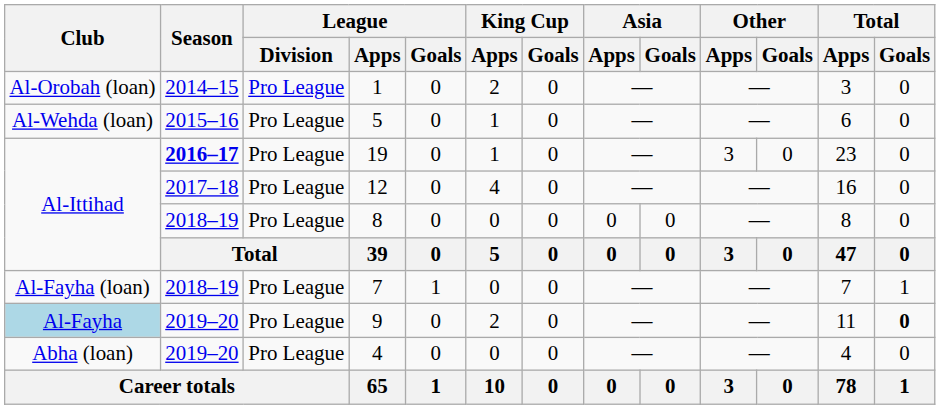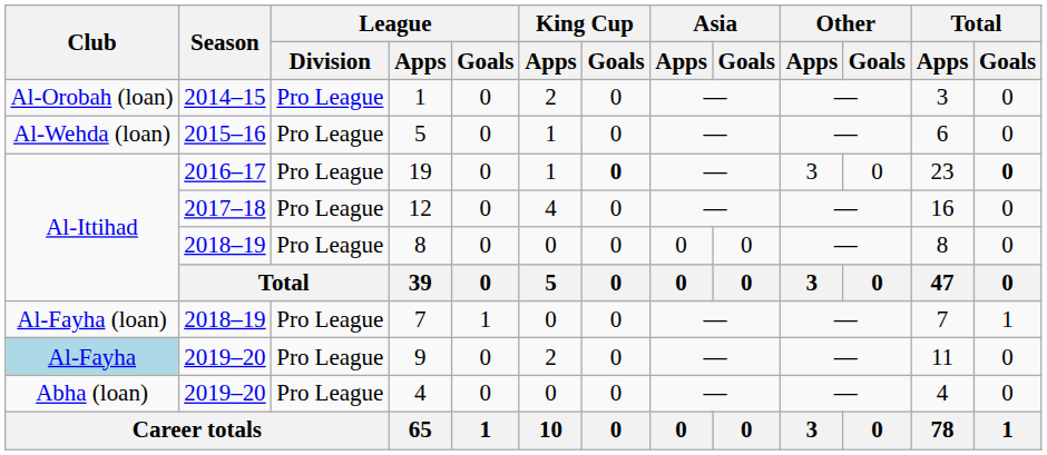 <table class="wikitable" style="text-align: center">
 <tr>
 <th rowspan=2>Club</th>
 <th rowspan=2>Season</th>
 <th colspan=3>League</th>
 <th colspan=2>King Cup</th>
 <th colspan=2>Asia</th>
 <th colspan=2>Other</th>
 <th colspan=2>Total</th>
 </tr>
 <tr>
 <th>Division</th>
 <th>Apps</th>
 <th>Goals</th>
 <th>Apps</th>
 <th>Goals</th>
 <th>Apps</th>
 <th>Goals</th>
 <th>Apps</th>
 <th>Goals</th>
 <th>Apps</th>
 <th>Goals</th>
 </tr>
 <tr>
 <td rowspan=1><a href='#'>Al-Orobah</a> (loan)</td>
 <td><a href='#'>2014–15</a></td>
 <td><a href='#'>Pro League</a></td>
 <td>1</td>
 <td>0</td>
 <td>2</td>
 <td>0</td>
 <td colspan=2>—</td>
 <td colspan=2>—</td>
 <td>3</td>
 <td>0</td>
 </tr>
 <tr>
 <td rowspan=1><a href='#'>Al-Wehda</a> (loan)</td>
 <td><a href='#'>2015–16</a></td>
 <td>Pro League</td>
 <td>5</td>
 <td>0</td>
 <td>1</td>
 <td>0</td>
 <td colspan=2>—</td>
 <td colspan=2>—</td>
 <td>6</td>
 <td>0</td>
 </tr>
 <tr>
 <td rowspan=4><a href='#'>Al-Ittihad</a></td>
-<td><strong><a href='#'>2016–17</a></strong></td>
+<td><a href='#'>2016–17</a></td>
 <td>Pro League</td>
 <td>19</td>
 <td>0</td>
 <td>1</td>
-<td>0</td>
+<td><strong>0</strong></td>
 <td colspan=2>—</td>
 <td>3</td>
 <td>0</td>
 <td>23</td>
-<td>0</td>
+<td><strong>0</strong></td>
 </tr>
 <tr>
 <td><a href='#'>2017–18</a></td>
 <td>Pro League</td>
 <td>12</td>
 <td>0</td>
 <td>4</td>
 <td>0</td>
 <td colspan=2>—</td>
 <td colspan=2>—</td>
 <td>16</td>
 <td>0</td>
 </tr>
 <tr>
 <td><a href='#'>2018–19</a></td>
 <td>Pro League</td>
 <td>8</td>
 <td>0</td>
 <td>0</td>
 <td>0</td>
 <td>0</td>
 <td>0</td>
 <td colspan=2>—</td>
 <td>8</td>
 <td>0</td>
 </tr>
 <tr>
 <th colspan="2">Total</th>
 <th>39</th>
 <th>0</th>
 <th>5</th>
 <th>0</th>
 <th>0</th>
 <th>0</th>
 <th>3</th>
 <th>0</th>
 <th>47</th>
 <th>0</th>
 </tr>
 <tr>
 <td rowspan=1><a href='#'>Al-Fayha</a> (loan)</td>
 <td><a href='#'>2018–19</a></td>
 <td>Pro League</td>
 <td>7</td>
 <td>1</td>
 <td>0</td>
 <td>0</td>
 <td colspan=2>—</td>
 <td colspan=2>—</td>
 <td>7</td>
 <td>1</td>
 </tr>
 <tr>
 <td rowspan=1 style="background: lightblue;"><a href='#'>Al-Fayha</a></td>
 <td><a href='#'>2019–20</a></td>
 <td>Pro League</td>
 <td>9</td>
 <td>0</td>
 <td>2</td>
 <td>0</td>
 <td colspan=2>—</td>
 <td colspan=2>—</td>
 <td>11</td>
-<td><strong>0</strong></td>
+<td>0</td>
 </tr>
 <tr>
 <td rowspan=1><a href='#'>Abha</a> (loan)</td>
 <td><a href='#'>2019–20</a></td>
 <td>Pro League</td>
 <td>4</td>
 <td>0</td>
 <td>0</td>
 <td>0</td>
 <td colspan=2>—</td>
 <td colspan=2>—</td>
 <td>4</td>
 <td>0</td>
 </tr>
 <tr>
 <th colspan=3>Career totals</th>
 <th>65</th>
 <th>1</th>
 <th>10</th>
 <th>0</th>
 <th>0</th>
 <th>0</th>
 <th>3</th>
 <th>0</th>
 <th>78</th>
 <th>1</th>
 </tr>
 </table>
